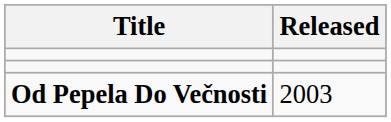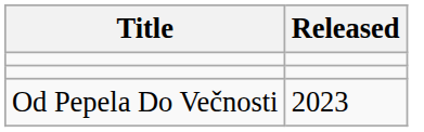 <table class="wikitable" style="font-size:95%">
 <tr>
 <th>Title</th>
 <th>Released</th>
 </tr>
 <tr>
 <td></td>
 <td></td>
 </tr>
 <tr>
 <td></td>
 <td></td>
 </tr>
 <tr>
-<td><strong>Od Pepela Do Večnosti</strong></td>
-<td>2003</td>
+<td>Od Pepela Do Večnosti</td>
+<td>2023</td>
 </tr>
 </table>
